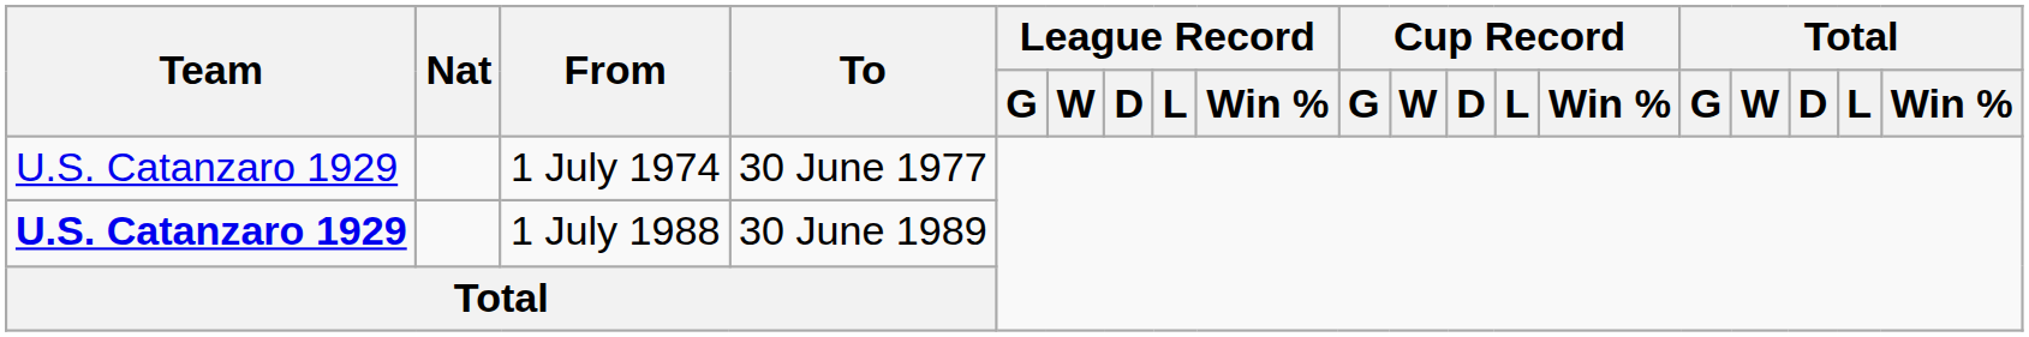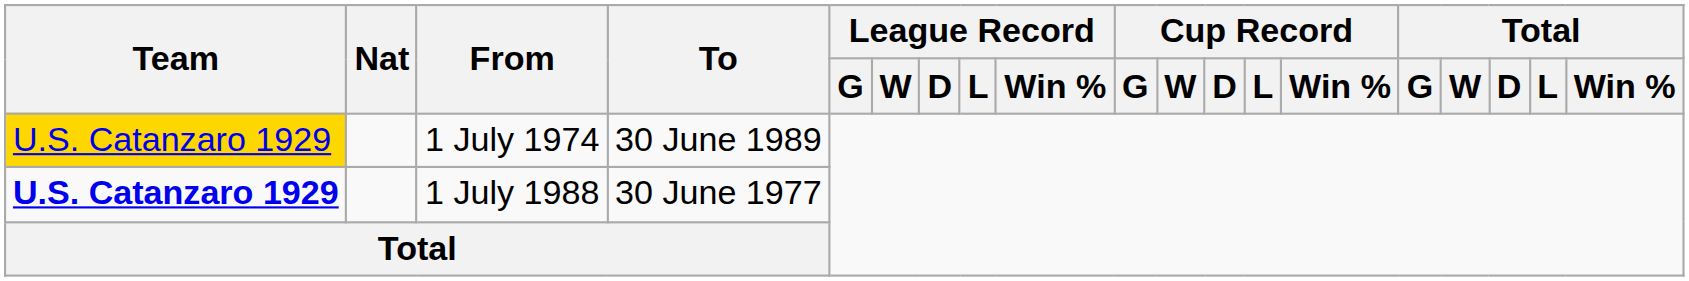 <table class="wikitable" style="text-align: center">
 <tr>
 <th rowspan="2">Team</th>
 <th rowspan="2">Nat</th>
 <th rowspan="2">From</th>
 <th rowspan="2">To</th>
 <th colspan="5">League Record</th>
 <th colspan="5">Cup Record</th>
 <th colspan="5">Total</th>
 </tr>
 <tr>
 <th>G</th>
 <th>W</th>
 <th>D</th>
 <th>L</th>
 <th>Win %</th>
 <th>G</th>
 <th>W</th>
 <th>D</th>
 <th>L</th>
 <th>Win %</th>
 <th>G</th>
 <th>W</th>
 <th>D</th>
 <th>L</th>
 <th>Win %</th>
 </tr>
 <tr>
-<td align=left><a href='#'>U.S. Catanzaro 1929</a></td>
+<td align=left style="background: gold;"><a href='#'>U.S. Catanzaro 1929</a></td>
 <td></td>
 <td align=left>1 July 1974</td>
-<td align=left>30 June 1977<br>  </td>
+<td align=left>30 June 1989<br>  </td>
 </tr>
 <tr>
 <td align=left><strong><a href='#'>U.S. Catanzaro 1929</a></strong></td>
 <td></td>
 <td align=left>1 July 1988</td>
-<td align=left>30 June 1989<br>  </td>
+<td align=left>30 June 1977<br>  </td>
 </tr>
 <tr>
 <th colspan="4">Total<br>  </th>
 </tr>
 </table>
